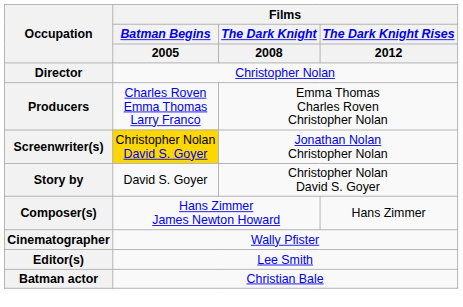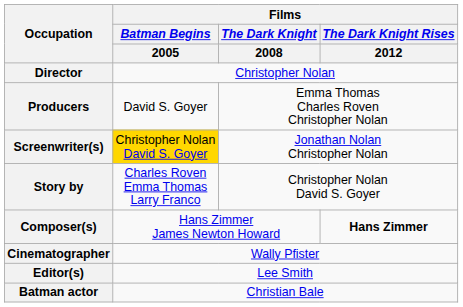 <table class="wikitable" style="text-align:center; font-size:90%;">
 <tr>
 <th rowspan="3">Occupation</th>
 <th colspan="3">Films</th>
 </tr>
 <tr>
 <th><em><a href='#'>Batman Begins</a></em></th>
 <th><em><a href='#'>The Dark Knight</a></em></th>
 <th><em><a href='#'>The Dark Knight Rises</a></em></th>
 </tr>
 <tr>
 <th>2005</th>
 <th>2008</th>
 <th>2012</th>
 </tr>
 <tr>
 <th>Director</th>
 <td colspan="3"><a href='#'>Christopher Nolan</a></td>
 </tr>
 <tr>
 <th>Producers</th>
-<td><a href='#'>Charles Roven</a><br><a href='#'>Emma Thomas</a><br><a href='#'>Larry Franco</a></td>
+<td>David S. Goyer</td>
 <td colspan="2">Emma Thomas<br>Charles Roven<br>Christopher Nolan</td>
 </tr>
 <tr>
 <th>Screenwriter(s)</th>
 <td style="background: gold;">Christopher Nolan<br><a href='#'>David S. Goyer</a></td>
 <td colspan="2"><a href='#'>Jonathan Nolan</a><br>Christopher Nolan</td>
 </tr>
 <tr>
 <th>Story by</th>
-<td>David S. Goyer</td>
+<td><a href='#'>Charles Roven</a><br><a href='#'>Emma Thomas</a><br><a href='#'>Larry Franco</a></td>
 <td colspan="2">Christopher Nolan<br>David S. Goyer</td>
 </tr>
 <tr>
 <th>Composer(s)</th>
 <td colspan="2"><a href='#'>Hans Zimmer</a><br><a href='#'>James Newton Howard</a></td>
-<td>Hans Zimmer</td>
+<td><strong>Hans Zimmer</strong></td>
 </tr>
 <tr>
 <th>Cinematographer</th>
 <td colspan="3"><a href='#'>Wally Pfister</a></td>
 </tr>
 <tr>
 <th>Editor(s)</th>
 <td colspan="3"><a href='#'>Lee Smith</a></td>
 </tr>
 <tr>
 <th>Batman actor</th>
 <td colspan="3"><a href='#'>Christian Bale</a></td>
 </tr>
 </table>
